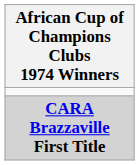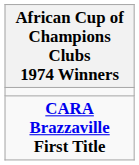 <table class="wikitable" style="text-align: center; margin: 0 auto; width: 20%">
 <tr>
 <th>African Cup of Champions Clubs<br>1974 Winners</th>
 </tr>
 <tr>
 <td></td>
 </tr>
 <tr>
-<td style="background: lightgrey;"><strong><a href='#'>CARA Brazzaville</a></strong><br><strong>First Title</strong></td>
+<td><strong><a href='#'>CARA Brazzaville</a></strong><br><strong>First Title</strong></td>
 </tr>
 </table>
